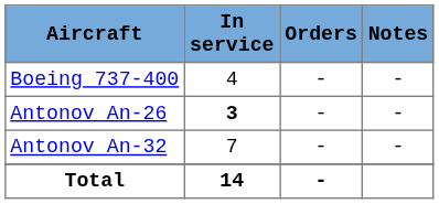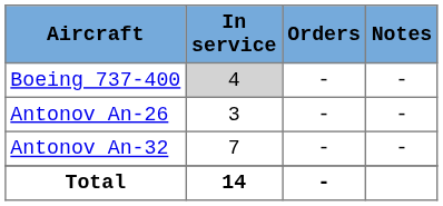 <table class="toccolours" border="1" cellpadding="3" style="border-collapse:collapse;margin:1em auto;">
 <tr bgcolor=#75aadb>
 <th>Aircraft</th>
 <th>In<br>service</th>
 <th>Orders</th>
 <th>Notes</th>
 </tr>
 <tr>
 <td><a href='#'>Boeing 737-400</a></td>
-<td align="center">4</td>
+<td align="center" style="background: lightgrey;">4</td>
 <td align="center">-</td>
 <td align="center">-</td>
 </tr>
 <tr>
 <td><a href='#'>Antonov An-26</a></td>
-<td align="center"><strong>3</strong></td>
+<td align="center">3</td>
 <td align="center">-</td>
 <td align="center">-</td>
 </tr>
 <tr>
 <td><a href='#'>Antonov An-32</a></td>
 <td align="center">7</td>
 <td align="center">-</td>
 <td align="center">-</td>
 </tr>
 <tr>
 </tr>
 <tr>
 <th>Total</th>
 <th>14</th>
 <th>-</th>
 <th colspan="2"></th>
 </tr>
 </table>
